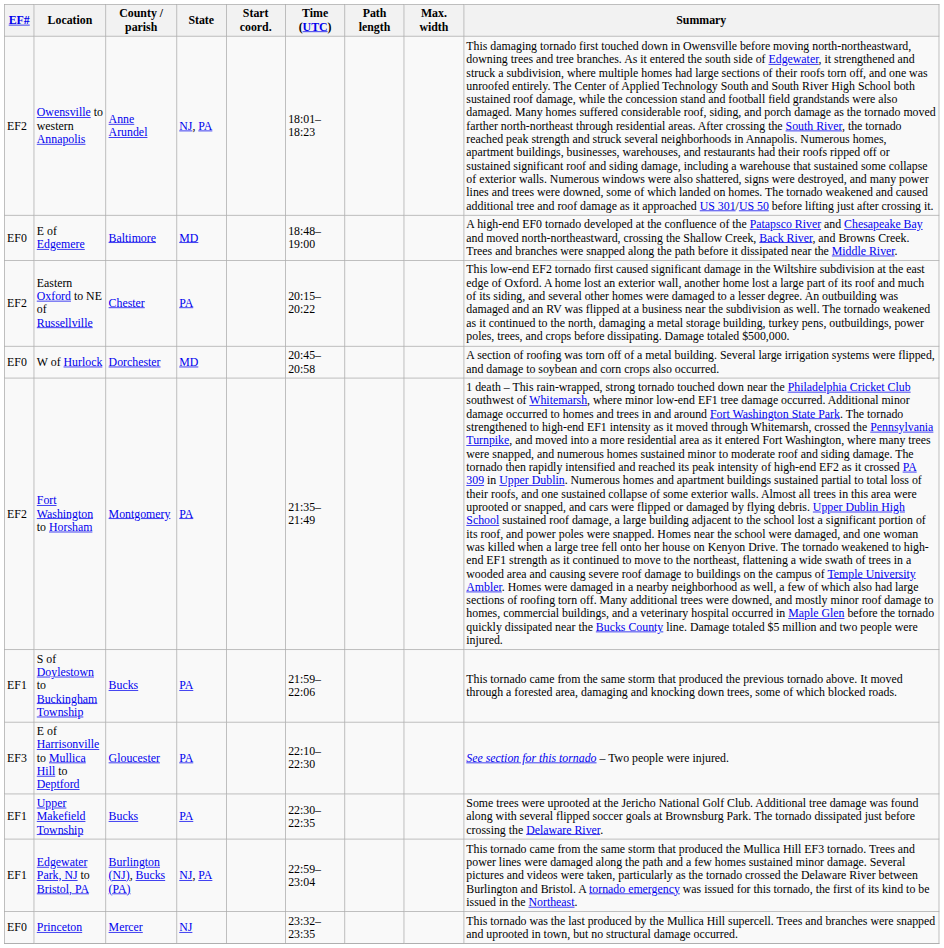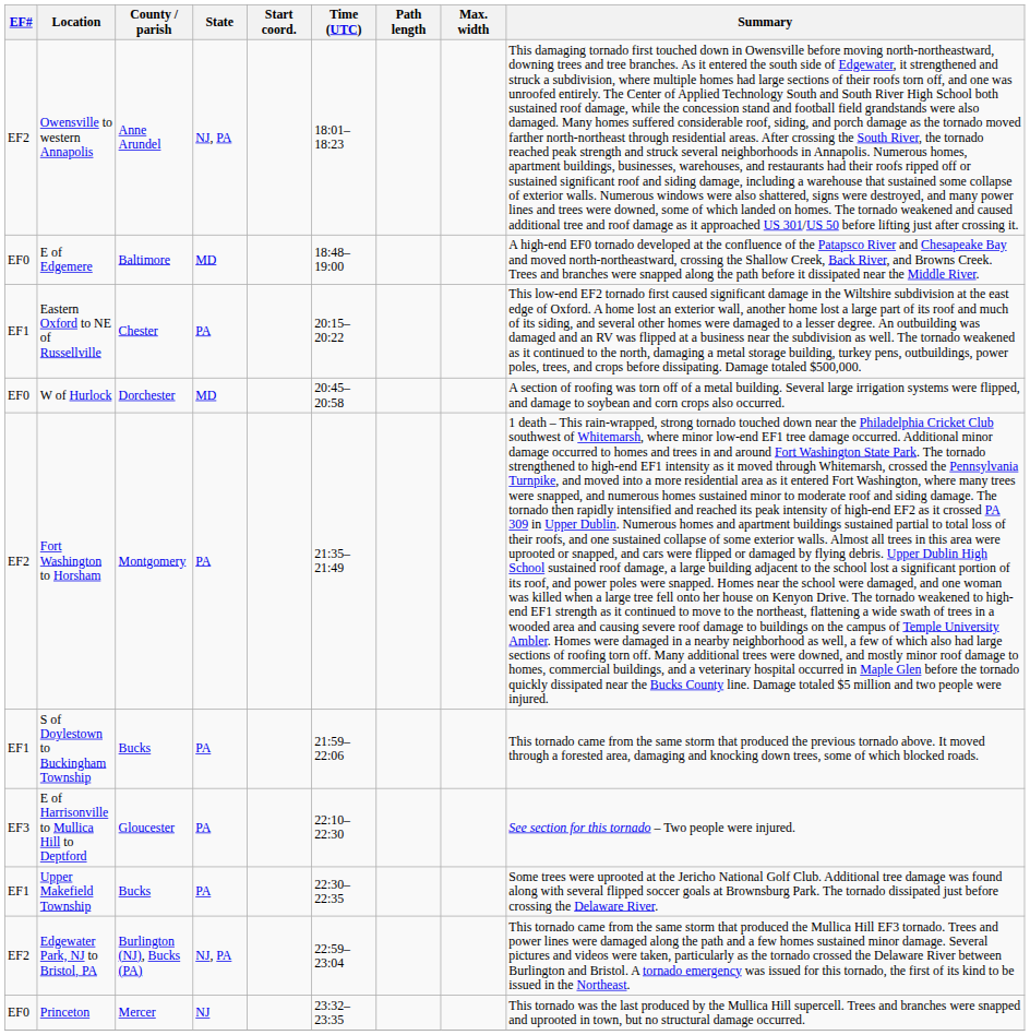 <table class="wikitable sortable" style="width:100%;">
 <tr>
 <th scope="col"  style="width:3%; text-align:center;"><a href='#'>EF#</a></th>
 <th scope="col"  style="width:7%; text-align:center;" class="unsortable">Location</th>
 <th scope="col"  style="width:6%; text-align:center;" class="unsortable">County / parish</th>
 <th scope="col"  style="width:5%; text-align:center;">State</th>
 <th scope="col"  style="width:6%; text-align:center;">Start coord.</th>
 <th scope="col"  style="width:6%; text-align:center;">Time (<a href='#'>UTC</a>)</th>
 <th scope="col"  style="width:6%; text-align:center;">Path length</th>
 <th scope="col"  style="width:6%; text-align:center;">Max. width</th>
 <th scope="col" class="unsortable" style="width:48%; text-align:center;">Summary</th>
 </tr>
 <tr>
 <td>EF2</td>
 <td><a href='#'>Owensville</a> to western <a href='#'>Annapolis</a></td>
 <td><a href='#'>Anne Arundel</a></td>
 <td><a href='#'>NJ</a>, <a href='#'>PA</a></td>
 <td></td>
 <td>18:01–18:23</td>
 <td></td>
 <td></td>
 <td>This damaging tornado first touched down in Owensville before moving north-northeastward, downing trees and tree branches. As it entered the south side of <a href='#'>Edgewater</a>, it strengthened and struck a subdivision, where multiple homes had large sections of their roofs torn off, and one was unroofed entirely. The Center of Applied Technology South and South River High School both sustained roof damage, while the concession stand and football field grandstands were also damaged. Many homes suffered considerable roof, siding, and porch damage as the tornado moved farther north-northeast through residential areas. After crossing the <a href='#'>South River</a>, the tornado reached peak strength and struck several neighborhoods in Annapolis. Numerous homes, apartment buildings, businesses, warehouses, and restaurants had their roofs ripped off or sustained significant roof and siding damage, including a warehouse that sustained some collapse of exterior walls. Numerous windows were also shattered, signs were destroyed, and many power lines and trees were downed, some of which landed on homes. The tornado weakened and caused additional tree and roof damage as it approached <a href='#'>US 301</a>/<a href='#'>US 50</a> before lifting just after crossing it.</td>
 </tr>
 <tr>
 <td>EF0</td>
 <td>E of <a href='#'>Edgemere</a></td>
 <td><a href='#'>Baltimore</a></td>
 <td><a href='#'>MD</a></td>
 <td></td>
 <td>18:48–19:00</td>
 <td></td>
 <td></td>
 <td>A high-end EF0 tornado developed at the confluence of the <a href='#'>Patapsco River</a> and <a href='#'>Chesapeake Bay</a> and moved north-northeastward, crossing the Shallow Creek, <a href='#'>Back River</a>, and Browns Creek. Trees and branches were snapped along the path before it dissipated near the <a href='#'>Middle River</a>.</td>
 </tr>
 <tr>
-<td>EF2</td>
+<td>EF1</td>
 <td>Eastern <a href='#'>Oxford</a> to NE of <a href='#'>Russellville</a></td>
 <td><a href='#'>Chester</a></td>
 <td><a href='#'>PA</a></td>
 <td></td>
 <td>20:15–20:22</td>
 <td></td>
 <td></td>
 <td>This low-end EF2 tornado first caused significant damage in the Wiltshire subdivision at the east edge of Oxford. A home lost an exterior wall, another home lost a large part of its roof and much of its siding, and several other homes were damaged to a lesser degree. An outbuilding was damaged and an RV was flipped at a business near the subdivision as well. The tornado weakened as it continued to the north, damaging a metal storage building, turkey pens, outbuildings, power poles, trees, and crops before dissipating. Damage totaled $500,000.</td>
 </tr>
 <tr>
 <td>EF0</td>
 <td>W of <a href='#'>Hurlock</a></td>
 <td><a href='#'>Dorchester</a></td>
 <td><a href='#'>MD</a></td>
 <td></td>
 <td>20:45–20:58</td>
 <td></td>
 <td></td>
 <td>A  section of roofing was torn off of a metal building. Several large irrigation systems were flipped, and damage to soybean and corn crops also occurred.</td>
 </tr>
 <tr>
 <td>EF2</td>
 <td><a href='#'>Fort Washington</a> to <a href='#'>Horsham</a></td>
 <td><a href='#'>Montgomery</a></td>
 <td><a href='#'>PA</a></td>
 <td></td>
 <td>21:35–21:49</td>
 <td></td>
 <td></td>
 <td>1 death – This rain-wrapped, strong tornado touched down near the <a href='#'>Philadelphia Cricket Club</a> southwest of <a href='#'>Whitemarsh</a>, where minor low-end EF1 tree damage occurred. Additional minor damage occurred to homes and trees in and around <a href='#'>Fort Washington State Park</a>. The tornado strengthened to high-end EF1 intensity as it moved through Whitemarsh, crossed the <a href='#'>Pennsylvania Turnpike</a>, and moved into a more residential area as it entered Fort Washington, where many trees were snapped, and numerous homes sustained minor to moderate roof and siding damage. The tornado then rapidly intensified and reached its peak intensity of high-end EF2 as it crossed <a href='#'>PA 309</a> in <a href='#'>Upper Dublin</a>. Numerous homes and apartment buildings sustained partial to total loss of their roofs, and one sustained collapse of some exterior walls. Almost all trees in this area were uprooted or snapped, and cars were flipped or damaged by flying debris. <a href='#'>Upper Dublin High School</a> sustained roof damage, a large building adjacent to the school lost a significant portion of its roof, and power poles were snapped. Homes near the school were damaged, and one woman was killed when a large tree fell onto her house on Kenyon Drive. The tornado weakened to high-end EF1 strength as it continued to move to the northeast, flattening a wide swath of trees in a wooded area and causing severe roof damage to buildings on the campus of <a href='#'>Temple University Ambler</a>. Homes were damaged in a nearby neighborhood as well, a few of which also had large sections of roofing torn off. Many additional trees were downed, and mostly minor roof damage to homes, commercial buildings, and a veterinary hospital occurred in <a href='#'>Maple Glen</a> before the tornado quickly dissipated near the <a href='#'>Bucks County</a> line. Damage totaled $5 million and two people were injured.</td>
 </tr>
 <tr>
 <td>EF1</td>
 <td>S of <a href='#'>Doylestown</a> to <a href='#'>Buckingham Township</a></td>
 <td><a href='#'>Bucks</a></td>
 <td><a href='#'>PA</a></td>
 <td></td>
 <td>21:59–22:06</td>
 <td></td>
 <td></td>
 <td>This tornado came from the same storm that produced the previous tornado above. It moved through a forested area, damaging and knocking down trees, some of which blocked roads.</td>
 </tr>
 <tr>
 <td>EF3</td>
 <td>E of <a href='#'>Harrisonville</a> to <a href='#'>Mullica Hill</a> to <a href='#'>Deptford</a></td>
 <td><a href='#'>Gloucester</a></td>
 <td><a href='#'>PA</a></td>
 <td></td>
 <td>22:10–22:30</td>
 <td></td>
 <td></td>
 <td><em><a href='#'>See section for this tornado</a></em> – Two people were injured.</td>
 </tr>
 <tr>
 <td>EF1</td>
 <td><a href='#'>Upper Makefield Township</a></td>
 <td><a href='#'>Bucks</a></td>
 <td><a href='#'>PA</a></td>
 <td></td>
 <td>22:30–22:35</td>
 <td></td>
 <td></td>
 <td>Some trees were uprooted at the Jericho National Golf Club. Additional tree damage was found along with several flipped soccer goals at Brownsburg Park. The tornado dissipated just before crossing the <a href='#'>Delaware River</a>.</td>
 </tr>
 <tr>
-<td>EF1</td>
+<td>EF2</td>
 <td><a href='#'>Edgewater Park, NJ</a> to <a href='#'>Bristol, PA</a></td>
 <td><a href='#'>Burlington (NJ)</a>, <a href='#'>Bucks (PA)</a></td>
 <td><a href='#'>NJ</a>, <a href='#'>PA</a></td>
 <td></td>
 <td>22:59–23:04</td>
 <td></td>
 <td></td>
 <td>This tornado came from the same storm that produced the Mullica Hill EF3 tornado. Trees and power lines were damaged along the path and a few homes sustained minor damage. Several pictures and videos were taken, particularly as the tornado crossed the Delaware River between Burlington and Bristol. A <a href='#'>tornado emergency</a> was issued for this tornado, the first of its kind to be issued in the <a href='#'>Northeast</a>.</td>
 </tr>
 <tr>
 <td>EF0</td>
 <td><a href='#'>Princeton</a></td>
 <td><a href='#'>Mercer</a></td>
 <td><a href='#'>NJ</a></td>
 <td></td>
 <td>23:32–23:35</td>
 <td></td>
 <td></td>
 <td>This tornado was the last produced by the Mullica Hill supercell. Trees and branches were snapped and uprooted in town, but no structural damage occurred.</td>
 </tr>
 <tr>
 </tr>
 </table>
